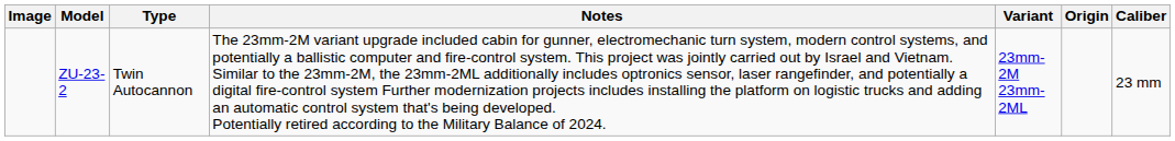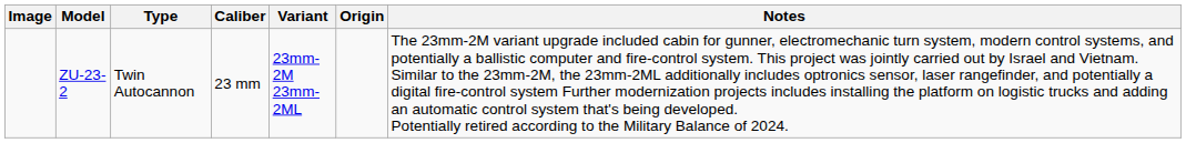 <table class="wikitable">
 <tr>
 <th>Image</th>
 <th>Model</th>
 <th>Type</th>
-<th>Notes</th>
+<th>Caliber</th>
 <th>Variant</th>
 <th>Origin</th>
-<th>Caliber</th>
+<th>Notes</th>
 </tr>
 <tr>
 <td></td>
 <td><a href='#'>ZU-23-2</a></td>
 <td>Twin Autocannon</td>
-<td>The 23mm-2M variant upgrade included cabin for gunner, electromechanic turn system, modern control systems, and potentially a ballistic computer and fire-control system. This project was jointly carried out by Israel and Vietnam.<br>Similar to the 23mm-2M, the 23mm-2ML additionally includes optronics sensor, laser rangefinder, and potentially a digital fire-control system Further modernization projects includes installing the platform on logistic trucks and adding an automatic control system that's being developed.<br>Potentially retired according to the Military Balance of 2024.</td>
+<td>23 mm</td>
 <td><a href='#'>23mm-2M</a><br><a href='#'>23mm-2ML</a></td>
 <td><br><br></td>
-<td>23 mm</td>
+<td>The 23mm-2M variant upgrade included cabin for gunner, electromechanic turn system, modern control systems, and potentially a ballistic computer and fire-control system. This project was jointly carried out by Israel and Vietnam.<br>Similar to the 23mm-2M, the 23mm-2ML additionally includes optronics sensor, laser rangefinder, and potentially a digital fire-control system Further modernization projects includes installing the platform on logistic trucks and adding an automatic control system that's being developed.<br>Potentially retired according to the Military Balance of 2024.</td>
 </tr>
 </table>
